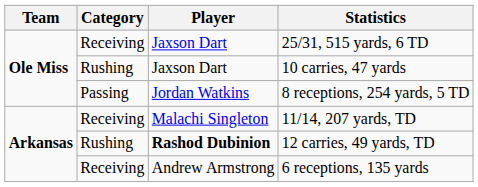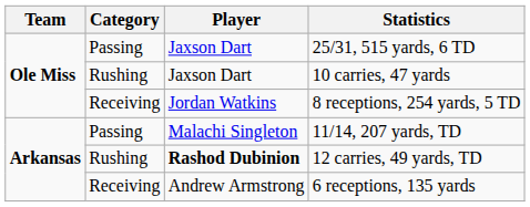 <table class="wikitable" style="float: right;">
 <tr>
 <th>Team</th>
 <th>Category</th>
 <th>Player</th>
 <th>Statistics</th>
 </tr>
 <tr>
 <td rowspan=3><strong>Ole Miss</strong></td>
-<td>Receiving</td>
+<td>Passing</td>
 <td><a href='#'>Jaxson Dart</a></td>
 <td>25/31, 515 yards, 6 TD</td>
 </tr>
 <tr>
 <td>Rushing</td>
 <td>Jaxson Dart</td>
 <td>10 carries, 47 yards</td>
 </tr>
 <tr>
-<td>Passing</td>
+<td>Receiving</td>
 <td><a href='#'>Jordan Watkins</a></td>
 <td>8 receptions, 254 yards, 5 TD</td>
 </tr>
 <tr>
 <td rowspan=3><strong>Arkansas</strong></td>
-<td>Receiving</td>
+<td>Passing</td>
 <td><a href='#'>Malachi Singleton</a></td>
 <td>11/14, 207 yards, TD</td>
 </tr>
 <tr>
 <td>Rushing</td>
 <td><strong>Rashod Dubinion</strong></td>
 <td>12 carries, 49 yards, TD</td>
 </tr>
 <tr>
 <td>Receiving</td>
 <td>Andrew Armstrong</td>
 <td>6 receptions, 135 yards</td>
 </tr>
 </table>
